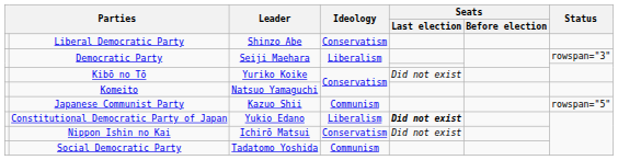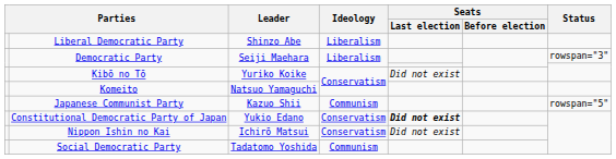 <table class=wikitable style="text-align:center">
 <tr>
 <th colspan="2" rowspan="2">Parties</th>
 <th rowspan="2">Leader</th>
 <th rowspan="2">Ideology</th>
 <th colspan="2">Seats</th>
 <th rowspan="2">Status</th>
 </tr>
 <tr>
 <th>Last election</th>
 <th>Before election</th>
 </tr>
 <tr>
 <td style="color:inherit;background:"></td>
 <td><a href='#'>Liberal Democratic Party</a></td>
 <td><a href='#'>Shinzo Abe</a></td>
-<td><a href='#'>Conservatism</a></td>
+<td><a href='#'>Liberalism</a></td>
 <td></td>
 <td></td>
 <td></td>
 </tr>
 <tr>
 <td rowspan="2" style="color:inherit;background:"></td>
 <td rowspan="2"><a href='#'>Democratic Party</a></td>
 <td rowspan="2"><a href='#'>Seiji Maehara</a></td>
 <td rowspan="2"><a href='#'>Liberalism</a></td>
 <td></td>
 <td rowspan="2"></td>
 <td>rowspan="3" </td>
 </tr>
 <tr>
 <td></td>
 </tr>
 <tr>
 <td style="color:inherit;background:"></td>
 <td><a href='#'>Kibō no Tō</a></td>
 <td><a href='#'>Yuriko Koike</a></td>
 <td rowspan="2"><a href='#'>Conservatism</a></td>
 <td><em>Did not exist</em></td>
 <td></td>
 </tr>
 <tr>
 <td style="color:inherit;background:"></td>
 <td><a href='#'>Komeito</a></td>
 <td><a href='#'>Natsuo Yamaguchi</a></td>
 <td></td>
 <td></td>
 <td></td>
 </tr>
 <tr>
 <td style="color:inherit;background:"></td>
 <td><a href='#'>Japanese Communist Party</a></td>
 <td><a href='#'>Kazuo Shii</a></td>
 <td><a href='#'>Communism</a></td>
 <td></td>
 <td></td>
 <td>rowspan="5" </td>
 </tr>
 <tr>
 <td style="color:inherit;background:"></td>
 <td><a href='#'>Constitutional Democratic Party of Japan</a></td>
 <td><a href='#'>Yukio Edano</a></td>
-<td><a href='#'>Liberalism</a></td>
+<td><a href='#'>Conservatism</a></td>
 <td><strong><em>Did not exist</em></strong></td>
 <td></td>
 </tr>
 <tr>
 <td style="color:inherit;background:"></td>
 <td><a href='#'>Nippon Ishin no Kai</a></td>
 <td><a href='#'>Ichirō Matsui</a></td>
 <td><a href='#'>Conservatism</a></td>
 <td><em>Did not exist</em></td>
 <td></td>
 </tr>
 <tr>
 <td style="color:inherit;background:"></td>
 <td><a href='#'>Social Democratic Party</a></td>
 <td><a href='#'>Tadatomo Yoshida</a></td>
 <td><a href='#'>Communism</a></td>
 <td></td>
 <td></td>
 </tr>
 </table>
